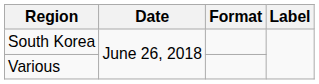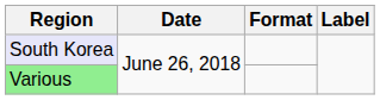 <table class = "wikitable plainrowheaders">
 <tr>
 <th>Region</th>
 <th>Date</th>
 <th>Format</th>
 <th>Label</th>
 </tr>
 <tr>
-<td>South Korea</td>
+<td style="background: lavender;">South Korea</td>
 <td rowspan="2">June 26, 2018</td>
 <td></td>
 <td rowspan="2"></td>
 </tr>
 <tr>
-<td>Various</td>
+<td style="background: lightgreen;">Various</td>
 <td></td>
 </tr>
 </table>
